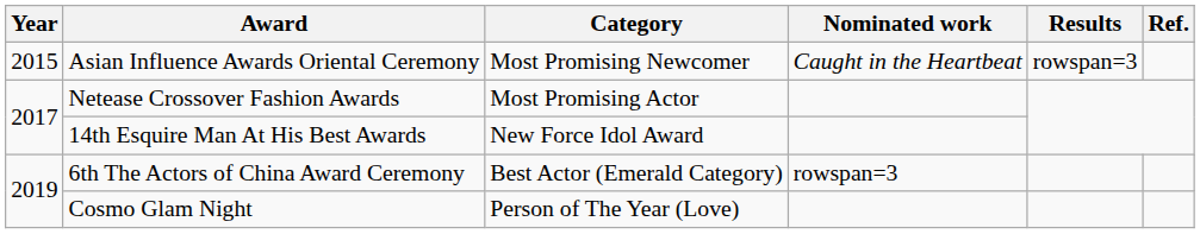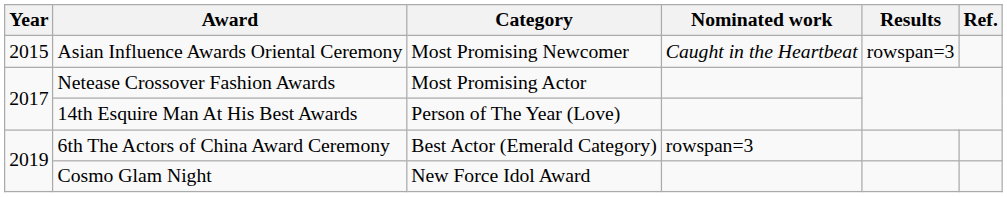 <table class="wikitable sortable">
 <tr>
 <th>Year</th>
 <th>Award</th>
 <th>Category</th>
 <th>Nominated work</th>
 <th>Results</th>
 <th>Ref.</th>
 </tr>
 <tr>
 <td>2015</td>
 <td>Asian Influence Awards Oriental Ceremony</td>
 <td>Most Promising Newcomer</td>
 <td><em>Caught in the Heartbeat</em></td>
 <td>rowspan=3 </td>
 <td></td>
 </tr>
 <tr>
 <td rowspan=2>2017</td>
 <td>Netease Crossover Fashion Awards</td>
 <td>Most Promising Actor</td>
 <td></td>
 </tr>
 <tr>
 <td>14th Esquire Man At His Best Awards</td>
-<td>New Force Idol Award</td>
+<td>Person of The Year (Love)</td>
 <td></td>
 </tr>
 <tr>
 <td rowspan=2>2019</td>
 <td>6th The Actors of China Award Ceremony</td>
 <td>Best Actor (Emerald Category)</td>
 <td>rowspan=3 </td>
 <td></td>
 <td></td>
 </tr>
 <tr>
 <td>Cosmo Glam Night</td>
-<td>Person of The Year (Love)</td>
+<td>New Force Idol Award</td>
 <td></td>
 <td></td>
 <td></td>
 </tr>
 </table>
